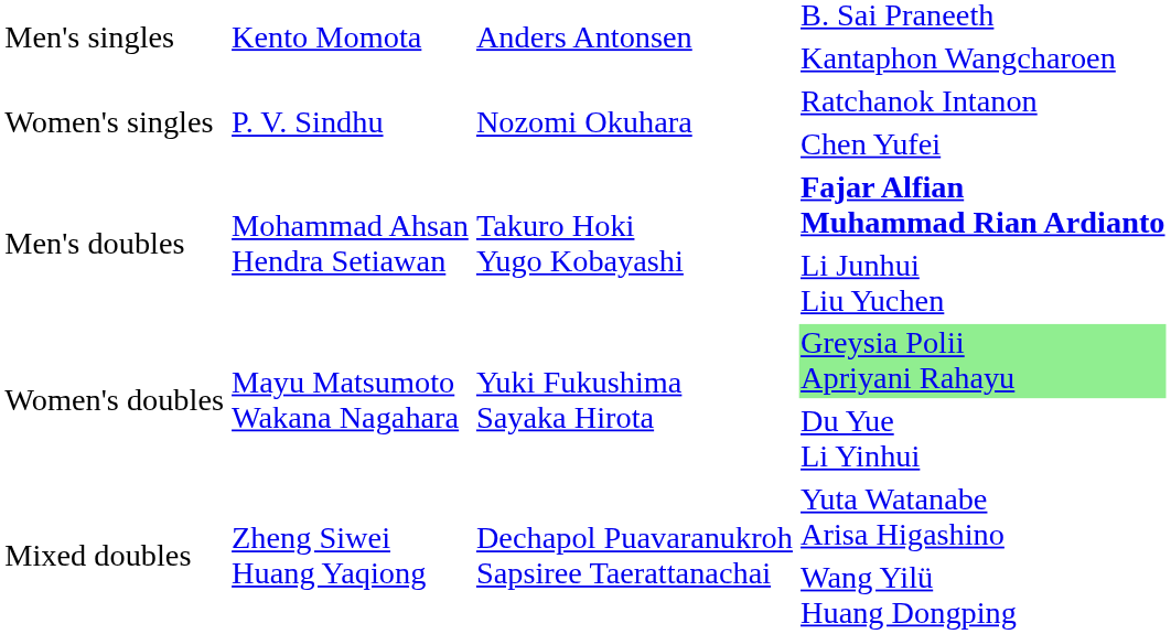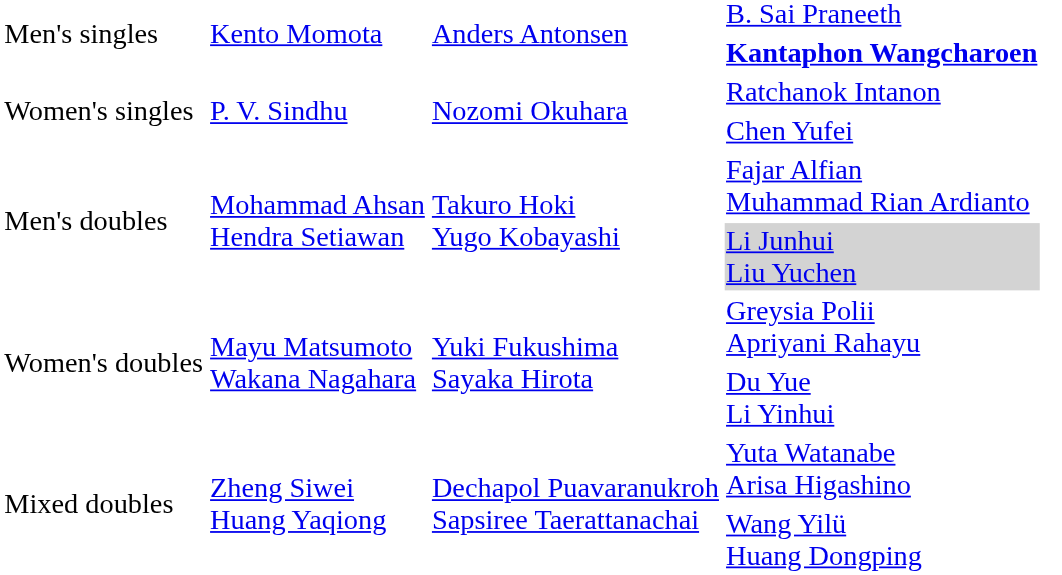 <table>
 <tr>
 <td rowspan="2">Men's singles<br></td>
 <td rowspan="2"> <a href='#'>Kento Momota</a></td>
 <td rowspan="2"> <a href='#'>Anders Antonsen</a></td>
 <td> <a href='#'>B. Sai Praneeth</a></td>
 </tr>
 <tr>
-<td> <a href='#'>Kantaphon Wangcharoen</a></td>
+<td><strong> <a href='#'>Kantaphon Wangcharoen</a></strong></td>
 </tr>
 <tr>
 <td rowspan="2">Women's singles<br></td>
 <td rowspan="2"> <a href='#'>P. V. Sindhu</a></td>
 <td rowspan="2"> <a href='#'>Nozomi Okuhara</a></td>
 <td> <a href='#'>Ratchanok Intanon</a></td>
 </tr>
 <tr>
 <td> <a href='#'>Chen Yufei</a></td>
 </tr>
 <tr>
 <td rowspan="2">Men's doubles<br></td>
 <td rowspan="2"> <a href='#'>Mohammad Ahsan</a><br> <a href='#'>Hendra Setiawan</a></td>
 <td rowspan="2"> <a href='#'>Takuro Hoki</a><br> <a href='#'>Yugo Kobayashi</a></td>
-<td><strong> <a href='#'>Fajar Alfian</a><br> <a href='#'>Muhammad Rian Ardianto</a></strong></td>
+<td> <a href='#'>Fajar Alfian</a><br> <a href='#'>Muhammad Rian Ardianto</a></td>
 </tr>
 <tr>
-<td> <a href='#'>Li Junhui</a><br> <a href='#'>Liu Yuchen</a></td>
+<td style="background: lightgrey;"> <a href='#'>Li Junhui</a><br> <a href='#'>Liu Yuchen</a></td>
 </tr>
 <tr>
 <td rowspan="2">Women's doubles<br></td>
 <td rowspan="2"> <a href='#'>Mayu Matsumoto</a><br> <a href='#'>Wakana Nagahara</a></td>
 <td rowspan="2"> <a href='#'>Yuki Fukushima</a><br> <a href='#'>Sayaka Hirota</a></td>
-<td style="background: lightgreen;"> <a href='#'>Greysia Polii</a><br> <a href='#'>Apriyani Rahayu</a></td>
+<td> <a href='#'>Greysia Polii</a><br> <a href='#'>Apriyani Rahayu</a></td>
 </tr>
 <tr>
 <td> <a href='#'>Du Yue</a><br> <a href='#'>Li Yinhui</a></td>
 </tr>
 <tr>
 <td rowspan="2">Mixed doubles<br></td>
 <td rowspan="2"> <a href='#'>Zheng Siwei</a><br> <a href='#'>Huang Yaqiong</a></td>
 <td rowspan="2"> <a href='#'>Dechapol Puavaranukroh</a><br> <a href='#'>Sapsiree Taerattanachai</a></td>
 <td> <a href='#'>Yuta Watanabe</a><br> <a href='#'>Arisa Higashino</a></td>
 </tr>
 <tr>
 <td> <a href='#'>Wang Yilü</a><br> <a href='#'>Huang Dongping</a></td>
 </tr>
 </table>
